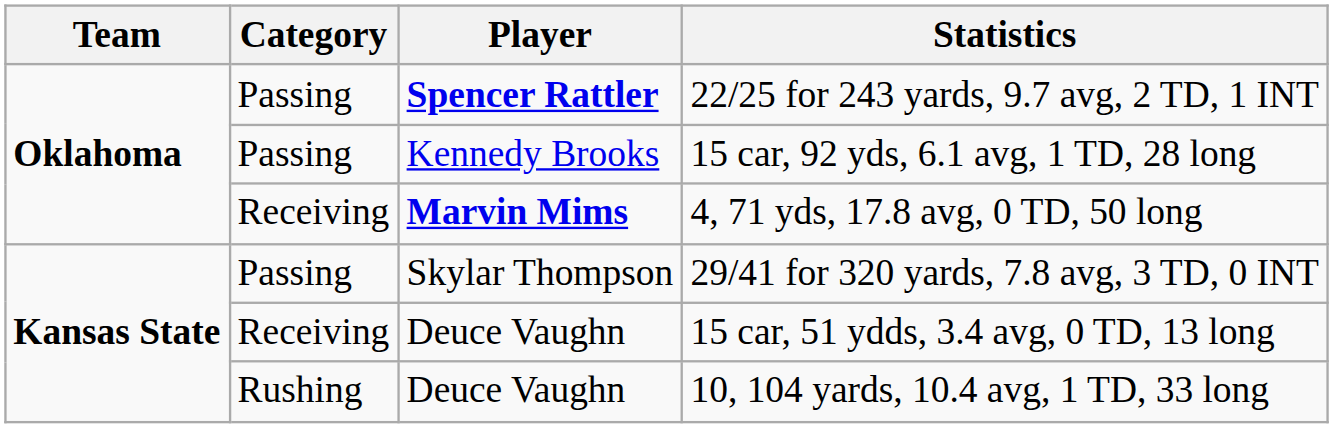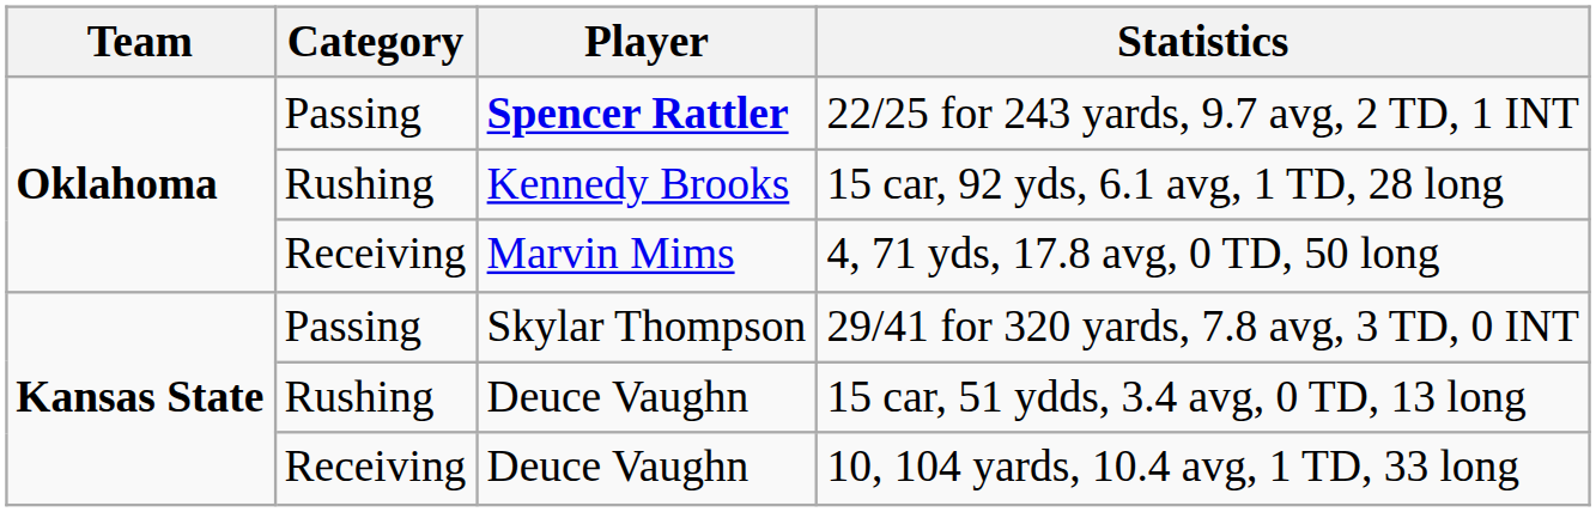 <table class="wikitable" style="float: right;">
 <tr>
 <th>Team</th>
 <th>Category</th>
 <th>Player</th>
 <th>Statistics</th>
 </tr>
 <tr>
 <td rowspan=3><strong>Oklahoma</strong></td>
 <td>Passing</td>
 <td><strong><a href='#'>Spencer Rattler</a></strong></td>
 <td>22/25 for 243 yards, 9.7 avg, 2 TD, 1 INT</td>
 </tr>
 <tr>
-<td>Passing</td>
+<td>Rushing</td>
 <td><a href='#'>Kennedy Brooks</a></td>
 <td>15 car, 92 yds, 6.1 avg, 1 TD, 28 long</td>
 </tr>
 <tr>
 <td>Receiving</td>
-<td><strong><a href='#'>Marvin Mims</a></strong></td>
+<td><a href='#'>Marvin Mims</a></td>
 <td>4, 71 yds, 17.8 avg, 0 TD, 50 long</td>
 </tr>
 <tr>
 <td rowspan=3><strong>Kansas State</strong></td>
 <td>Passing</td>
 <td>Skylar Thompson</td>
 <td>29/41 for 320 yards, 7.8 avg, 3 TD, 0 INT</td>
 </tr>
 <tr>
-<td>Receiving</td>
+<td>Rushing</td>
 <td>Deuce Vaughn</td>
 <td>15 car, 51 ydds, 3.4 avg, 0 TD, 13 long</td>
 </tr>
 <tr>
-<td>Rushing</td>
+<td>Receiving</td>
 <td>Deuce Vaughn</td>
 <td>10, 104 yards, 10.4 avg, 1 TD, 33 long</td>
 </tr>
 </table>
